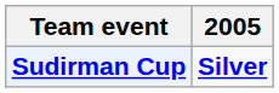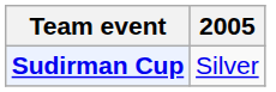 <table class="wikitable" style="font-size: 90%; text-align:center">
 <tr>
 <th>Team event</th>
 <th>2005</th>
 </tr>
 <tr>
 <td bgcolor="#ECF2FF"; align="left"><strong><a href='#'>Sudirman Cup</a></strong></td>
-<td><strong> <a href='#'>Silver</a></strong></td>
+<td> <a href='#'>Silver</a></td>
 </tr>
 </table>
